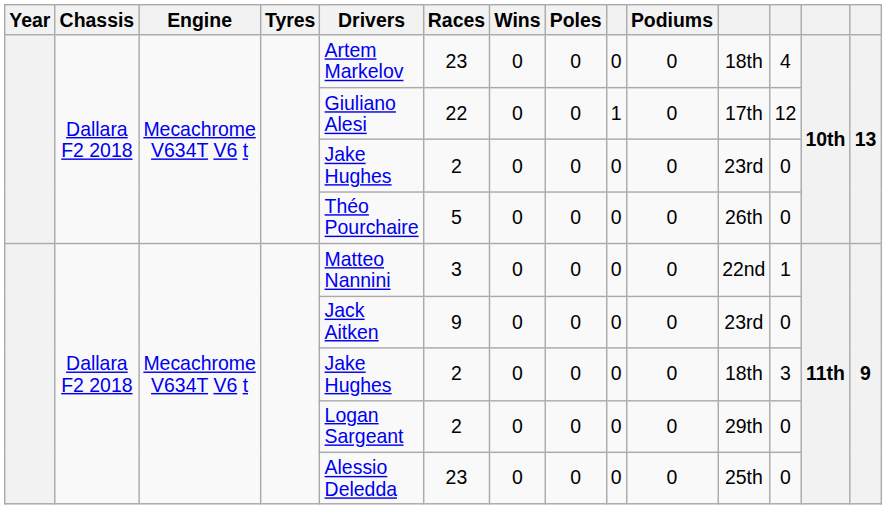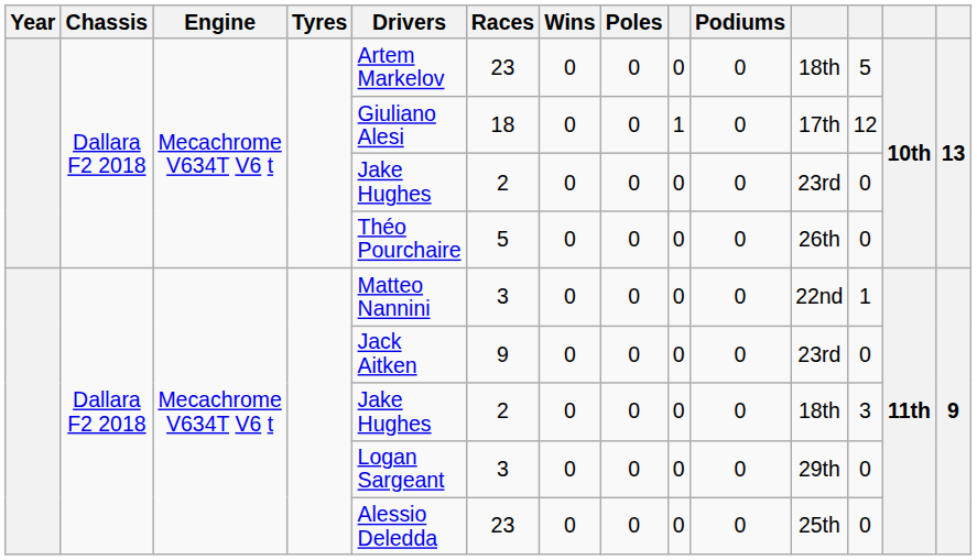 <table class="wikitable" style="text-align:center; font-size:85%">
 <tr>
 <th>Year</th>
 <th>Chassis</th>
 <th>Engine</th>
 <th>Tyres</th>
 <th>Drivers</th>
 <th>Races</th>
 <th>Wins</th>
 <th>Poles</th>
 <th></th>
 <th>Podiums</th>
 <th></th>
 <th></th>
 <th></th>
 <th></th>
 </tr>
 <tr>
 <th rowspan=4></th>
 <td rowspan=4><a href='#'>Dallara</a><br><a href='#'>F2 2018</a></td>
 <td rowspan=4><a href='#'>Mecachrome</a><br><a href='#'>V634T</a> <a href='#'>V6</a> <a href='#'>t</a></td>
 <td rowspan=4></td>
 <td align=left> <a href='#'>Artem Markelov</a></td>
 <td>23</td>
 <td>0</td>
 <td>0</td>
 <td>0</td>
 <td>0</td>
 <td>18th</td>
-<td>4</td>
+<td>5</td>
 <th rowspan=4>10th</th>
 <th rowspan=4>13</th>
 </tr>
 <tr>
 <td align=left> <a href='#'>Giuliano Alesi</a></td>
-<td>22</td>
+<td>18</td>
 <td>0</td>
 <td>0</td>
 <td>1</td>
 <td>0</td>
 <td>17th</td>
 <td>12</td>
 </tr>
 <tr>
 <td align=left> <a href='#'>Jake Hughes</a></td>
 <td>2</td>
 <td>0</td>
 <td>0</td>
 <td>0</td>
 <td>0</td>
 <td>23rd</td>
 <td>0</td>
 </tr>
 <tr>
 <td align=left> <a href='#'>Théo Pourchaire</a></td>
 <td>5</td>
 <td>0</td>
 <td>0</td>
 <td>0</td>
 <td>0</td>
 <td>26th</td>
 <td>0</td>
 </tr>
 <tr>
 <th rowspan=5></th>
 <td rowspan=5><a href='#'>Dallara</a><br><a href='#'>F2 2018</a></td>
 <td rowspan=5><a href='#'>Mecachrome</a><br><a href='#'>V634T</a> <a href='#'>V6</a> <a href='#'>t</a></td>
 <td rowspan=5></td>
 <td align=left> <a href='#'>Matteo Nannini</a></td>
 <td>3</td>
 <td>0</td>
 <td>0</td>
 <td>0</td>
 <td>0</td>
 <td>22nd</td>
 <td>1</td>
 <th rowspan=5>11th</th>
 <th rowspan=5>9</th>
 </tr>
 <tr>
 <td align=left> <a href='#'>Jack Aitken</a></td>
 <td>9</td>
 <td>0</td>
 <td>0</td>
 <td>0</td>
 <td>0</td>
 <td>23rd</td>
 <td>0</td>
 </tr>
 <tr>
 <td align=left> <a href='#'>Jake Hughes</a></td>
 <td>2</td>
 <td>0</td>
 <td>0</td>
 <td>0</td>
 <td>0</td>
 <td>18th</td>
 <td>3</td>
 </tr>
 <tr>
 <td align=left> <a href='#'>Logan Sargeant</a></td>
-<td>2</td>
+<td>3</td>
 <td>0</td>
 <td>0</td>
 <td>0</td>
 <td>0</td>
 <td>29th</td>
 <td>0</td>
 </tr>
 <tr>
 <td align=left> <a href='#'>Alessio Deledda</a></td>
 <td>23</td>
 <td>0</td>
 <td>0</td>
 <td>0</td>
 <td>0</td>
 <td>25th</td>
 <td>0</td>
 </tr>
 </table>
